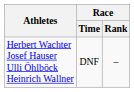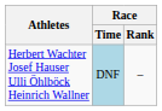 <table class="wikitable" border="1" style="font-size:90%">
 <tr>
 <th rowspan=2>Athletes</th>
 <th colspan=2>Race</th>
 </tr>
 <tr>
 <th>Time</th>
 <th>Rank</th>
 </tr>
 <tr>
 <td><a href='#'>Herbert Wachter</a><br><a href='#'>Josef Hauser</a><br><a href='#'>Ulli Öhlböck</a><br><a href='#'>Heinrich Wallner</a></td>
-<td align=center>DNF</td>
+<td align=center style="background: lightblue;">DNF</td>
 <td align=center>–</td>
 </tr>
 </table>
